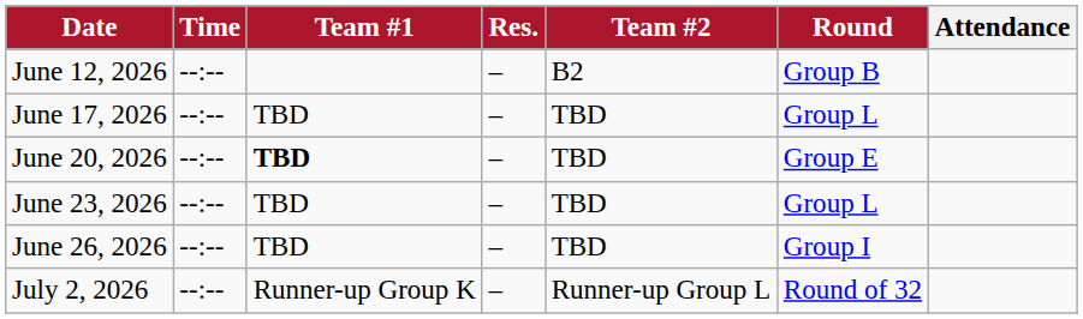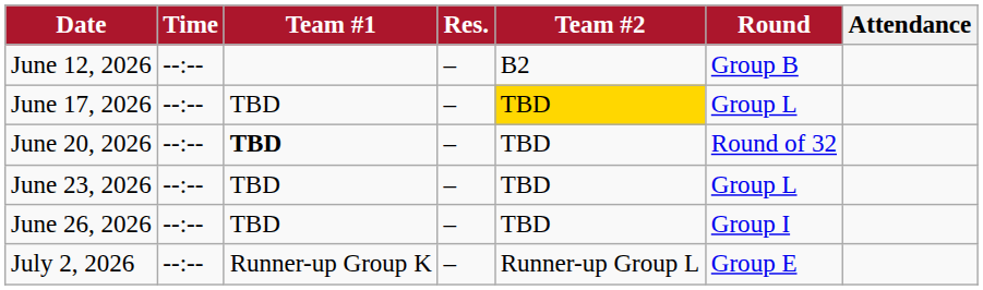 <table class="wikitable sortable">
 <tr>
 <th style="text-align:center; background:#AC162C; color:#FFFFFF; ">Date</th>
 <th style="text-align:center; background:#AC162C; color:#FFFFFF; ">Time</th>
 <th style="text-align:center; background:#AC162C; color:#FFFFFF; ">Team #1</th>
 <th style="text-align:center; background:#AC162C; color:#FFFFFF; ">Res.</th>
 <th style="text-align:center; background:#AC162C; color:#FFFFFF; ">Team #2</th>
 <th style="text-align:center; background:#AC162C; color:#FFFFFF; ">Round</th>
 <th>Attendance</th>
 </tr>
 <tr>
 <td>June 12, 2026</td>
 <td>--:--</td>
 <td></td>
 <td>–</td>
 <td>B2</td>
 <td><a href='#'>Group B</a></td>
 <td></td>
 </tr>
 <tr>
 <td>June 17, 2026</td>
 <td>--:--</td>
 <td>TBD</td>
 <td>–</td>
-<td>TBD</td>
+<td style="background: gold;">TBD</td>
 <td><a href='#'>Group L</a></td>
 <td></td>
 </tr>
 <tr>
 <td>June 20, 2026</td>
 <td>--:--</td>
 <td><strong>TBD</strong></td>
 <td>–</td>
 <td>TBD</td>
-<td><a href='#'>Group E</a></td>
+<td><a href='#'>Round of 32</a></td>
 <td></td>
 </tr>
 <tr>
 <td>June 23, 2026</td>
 <td>--:--</td>
 <td>TBD</td>
 <td>–</td>
 <td>TBD</td>
 <td><a href='#'>Group L</a></td>
 <td></td>
 </tr>
 <tr>
 <td>June 26, 2026</td>
 <td>--:--</td>
 <td>TBD</td>
 <td>–</td>
 <td>TBD</td>
 <td><a href='#'>Group I</a></td>
 <td></td>
 </tr>
 <tr>
 <td>July 2, 2026</td>
 <td>--:--</td>
 <td>Runner-up Group K</td>
 <td>–</td>
 <td>Runner-up Group L</td>
-<td><a href='#'>Round of 32</a></td>
+<td><a href='#'>Group E</a></td>
 <td></td>
 </tr>
 </table>
